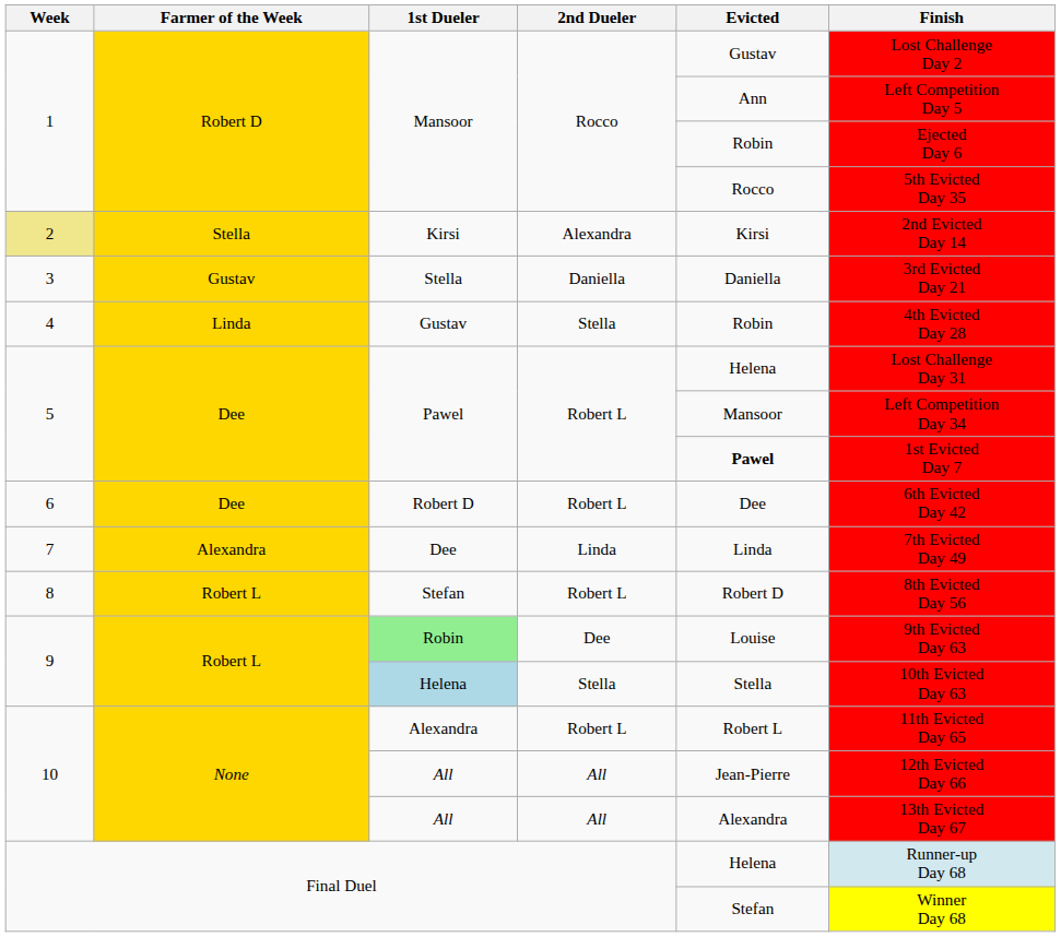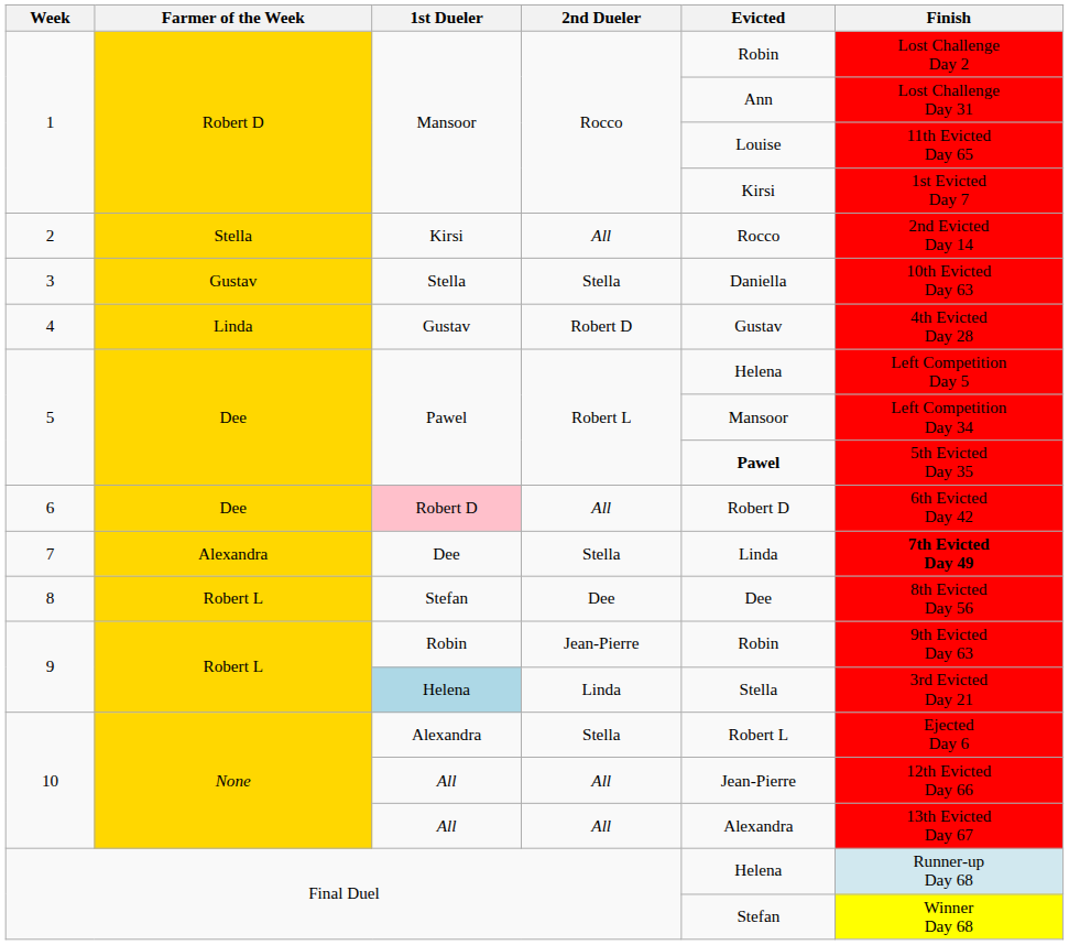 <table class="wikitable" style="font-size:100%; text-align:center; width: 80%; margin-left: auto; margin-right: auto;">
 <tr>
 <th>Week</th>
 <th>Farmer of the Week</th>
 <th>1st Dueler</th>
 <th>2nd Dueler</th>
 <th>Evicted</th>
 <th>Finish</th>
 </tr>
 <tr>
 <td rowspan="4">1</td>
 <td style="background:gold;" rowspan="4">Robert D</td>
 <td rowspan="4">Mansoor</td>
 <td rowspan="4">Rocco</td>
-<td>Gustav</td>
+<td rowspan="1">Robin</td>
 <td style="background:#ff0000" rowspan="1">Lost Challenge<br>Day 2</td>
 </tr>
 <tr>
 <td>Ann</td>
-<td style="background:#ff0000">Left Competition<br>Day 5</td>
+<td style="background:#ff0000">Lost Challenge<br>Day 31</td>
 </tr>
 <tr>
-<td rowspan="1">Robin</td>
-<td style="background:#ff0000">Ejected<br>Day 6</td>
+<td>Louise</td>
+<td style="background:#ff0000" rowspan="1">11th Evicted<br>Day 65</td>
 </tr>
 <tr>
-<td>Rocco</td>
-<td style="background:#ff0000">5th Evicted<br>Day 35</td>
+<td>Kirsi</td>
+<td style="background:#ff0000">1st Evicted<br>Day 7</td>
 </tr>
 <tr>
-<td style="background: khaki;">2</td>
+<td>2</td>
 <td style="background:gold;">Stella</td>
 <td>Kirsi</td>
-<td>Alexandra</td>
-<td>Kirsi</td>
+<td rowspan="1"><em>All</em></td>
+<td>Rocco</td>
 <td style="background:#ff0000">2nd Evicted<br>Day 14</td>
 </tr>
 <tr>
 <td>3</td>
 <td style="background:gold;">Gustav</td>
 <td>Stella</td>
+<td rowspan="1'">Stella</td>
 <td>Daniella</td>
-<td>Daniella</td>
-<td style="background:#ff0000">3rd Evicted<br>Day 21</td>
+<td style="background:#ff0000">10th Evicted<br>Day 63</td>
 </tr>
 <tr>
 <td>4</td>
 <td style="background:gold;">Linda</td>
 <td>Gustav</td>
-<td rowspan="1'">Stella</td>
-<td rowspan="1">Robin</td>
+<td>Robert D</td>
+<td>Gustav</td>
 <td style="background:#ff0000">4th Evicted<br>Day 28</td>
 </tr>
 <tr>
 <td rowspan="3">5</td>
 <td style="background:gold;" rowspan="3">Dee</td>
 <td rowspan="3">Pawel</td>
 <td rowspan="3">Robert L</td>
 <td rowspan="1">Helena</td>
-<td style="background:#ff0000">Lost Challenge<br>Day 31</td>
+<td style="background:#ff0000">Left Competition<br>Day 5</td>
 </tr>
 <tr>
 <td rowspan="1">Mansoor</td>
 <td style="background:#ff0000">Left Competition<br>Day 34</td>
 </tr>
 <tr>
 <td rowspan="1"><strong>Pawel</strong></td>
-<td style="background:#ff0000">1st Evicted<br>Day 7</td>
+<td style="background:#ff0000">5th Evicted<br>Day 35</td>
 </tr>
 <tr>
 <td>6</td>
 <td style="background:gold;">Dee</td>
+<td style="background: pink;">Robert D</td>
+<td rowspan="1"><em>All</em></td>
 <td>Robert D</td>
-<td>Robert L</td>
-<td>Dee</td>
 <td style="background:#ff0000">6th Evicted<br>Day 42</td>
 </tr>
 <tr>
 <td>7</td>
 <td style="background:gold;">Alexandra</td>
 <td>Dee</td>
+<td rowspan="1'">Stella</td>
 <td>Linda</td>
-<td>Linda</td>
-<td style="background:#ff0000">7th Evicted<br>Day 49</td>
+<td style="background:#ff0000"><strong>7th Evicted<br>Day 49</strong></td>
 </tr>
 <tr>
 <td>8</td>
 <td style="background:gold;">Robert L</td>
 <td>Stefan</td>
-<td rowspan="1">Robert L</td>
-<td>Robert D</td>
+<td>Dee</td>
+<td>Dee</td>
 <td style="background:#ff0000">8th Evicted<br>Day 56</td>
 </tr>
 <tr>
 <td rowspan="2">9</td>
 <td rowspan="2" style="background:gold;" colspan=1>Robert L</td>
-<td rowspan="1" style="background: lightgreen;">Robin</td>
-<td>Dee</td>
-<td>Louise</td>
+<td rowspan="1">Robin</td>
+<td rowspan="1">Jean-Pierre</td>
+<td rowspan="1">Robin</td>
 <td style="background:#ff0000" rowspan="1">9th Evicted<br>Day 63</td>
 </tr>
 <tr>
 <td rowspan="1" style="background: lightblue;">Helena</td>
-<td rowspan="1'">Stella</td>
+<td>Linda</td>
 <td rowspan="1">Stella</td>
-<td style="background:#ff0000">10th Evicted<br>Day 63</td>
+<td style="background:#ff0000">3rd Evicted<br>Day 21</td>
 </tr>
 <tr>
 <td rowspan="3">10</td>
 <td rowspan="3" style="background:gold;" colspan=1><em>None</em></td>
 <td rowspan="1">Alexandra</td>
+<td rowspan="1'">Stella</td>
 <td rowspan="1">Robert L</td>
-<td rowspan="1">Robert L</td>
-<td style="background:#ff0000" rowspan="1">11th Evicted<br>Day 65</td>
+<td style="background:#ff0000">Ejected<br>Day 6</td>
 </tr>
 <tr>
 <td rowspan="1"><em>All</em></td>
 <td rowspan="1"><em>All</em></td>
 <td rowspan="1">Jean-Pierre</td>
 <td style="background:#ff0000">12th Evicted<br>Day 66</td>
 </tr>
 <tr>
 <td rowspan="1"><em>All</em></td>
 <td rowspan="1"><em>All</em></td>
 <td rowspan="1">Alexandra</td>
 <td style="background:#ff0000">13th Evicted<br>Day 67</td>
 </tr>
 <tr>
 <td colspan="4" rowspan="2">Final Duel</td>
 <td rowspan="1">Helena</td>
 <td rowspan="1" style="background:#D1E8EF">Runner-up<br>Day 68</td>
 </tr>
 <tr>
 <td rowspan="1">Stefan</td>
 <td rowspan="1" style="background:yellow">Winner<br>Day 68</td>
 </tr>
 </table>
